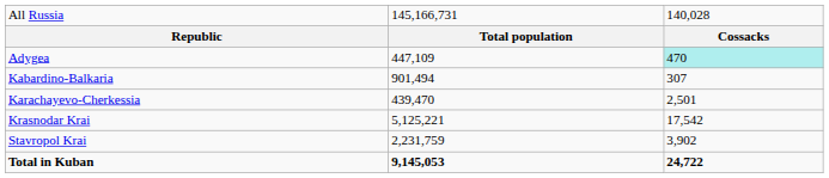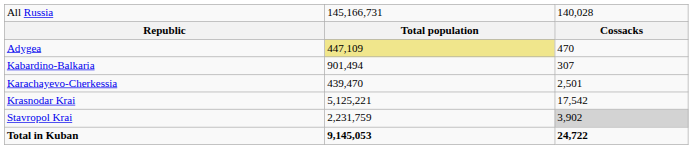 <table class="wikitable" width="50%">
 <tr>
 <td>All <a href='#'>Russia</a></td>
 <td>145,166,731</td>
 <td>140,028</td>
 </tr>
 <tr>
 <th>Republic</th>
 <th>Total population</th>
 <th>Cossacks</th>
 </tr>
 <tr>
 <td><a href='#'>Adygea</a></td>
-<td>447,109</td>
-<td style="background: paleturquoise;">470</td>
+<td style="background: khaki;">447,109</td>
+<td>470</td>
 </tr>
 <tr>
 <td><a href='#'>Kabardino-Balkaria</a></td>
 <td>901,494</td>
 <td>307</td>
 </tr>
 <tr>
 <td><a href='#'>Karachayevo-Cherkessia</a></td>
 <td>439,470</td>
 <td>2,501</td>
 </tr>
 <tr>
 <td><a href='#'>Krasnodar Krai</a></td>
 <td>5,125,221</td>
 <td>17,542</td>
 </tr>
 <tr>
 <td><a href='#'>Stavropol Krai</a></td>
 <td>2,231,759</td>
-<td>3,902</td>
+<td style="background: lightgrey;">3,902</td>
 </tr>
 <tr>
 <td><strong>Total in Kuban</strong></td>
 <td><strong>9,145,053</strong></td>
 <td><strong>24,722</strong></td>
 </tr>
 </table>
